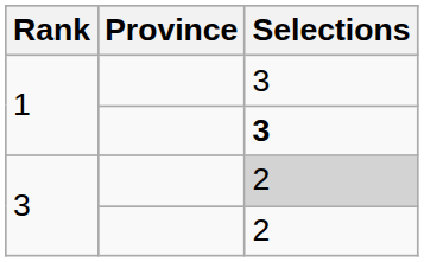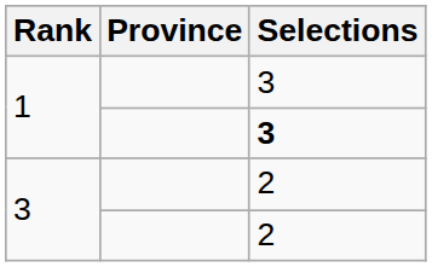 <table class="wikitable">
 <tr>
 <th>Rank</th>
 <th>Province</th>
 <th>Selections</th>
 </tr>
 <tr>
 <td rowspan="2">1</td>
 <td></td>
 <td>3</td>
 </tr>
 <tr>
 <td></td>
 <td><strong>3</strong></td>
 </tr>
 <tr>
 <td rowspan="2">3</td>
 <td></td>
-<td style="background: lightgrey;">2</td>
+<td>2</td>
 </tr>
 <tr>
 <td></td>
 <td>2</td>
 </tr>
 </table>
